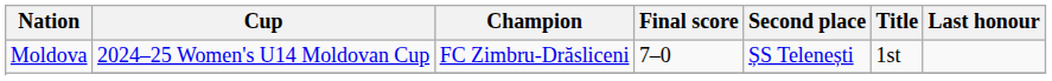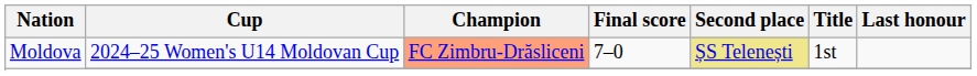 <table class=wikitable style="font-size:14px">
 <tr>
 <th>Nation</th>
 <th>Cup</th>
 <th>Champion</th>
 <th>Final score</th>
 <th>Second place</th>
 <th data-sort-type="number">Title</th>
 <th>Last honour</th>
 </tr>
 <tr>
 <td rowspan=2> <a href='#'>Moldova</a></td>
 <td><a href='#'>2024–25 Women's U14 Moldovan Cup</a></td>
-<td><a href='#'>FC Zimbru-Drăsliceni</a></td>
+<td style="background: lightsalmon;"><a href='#'>FC Zimbru-Drăsliceni</a></td>
 <td>7–0</td>
-<td><a href='#'>ȘS Telenești</a></td>
+<td style="background: khaki;"><a href='#'>ȘS Telenești</a></td>
 <td>1st</td>
 <td></td>
 </tr>
 <tr>
 </tr>
 </table>
